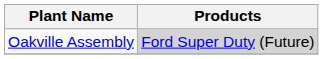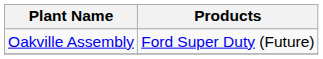 <table class="wikitable">
 <tr>
 <th>Plant Name</th>
 <th>Products</th>
 </tr>
 <tr --->
 <td><a href='#'>Oakville Assembly</a></td>
-<td style="background: lightgrey;"><a href='#'>Ford Super Duty</a> (Future)</td>
+<td><a href='#'>Ford Super Duty</a> (Future)</td>
 </tr>
 <tr --->
 </tr>
 </table>
